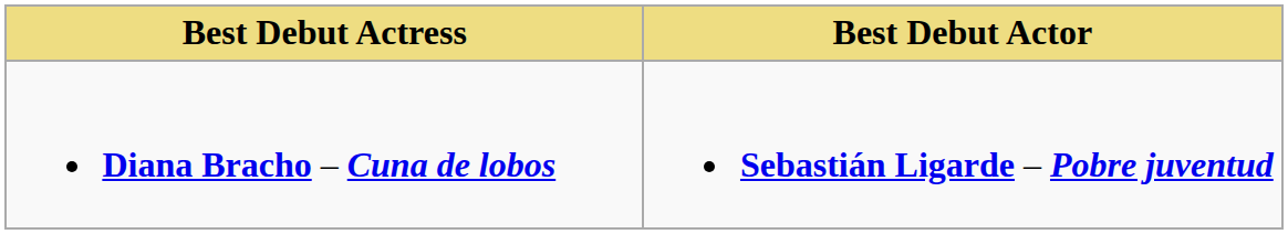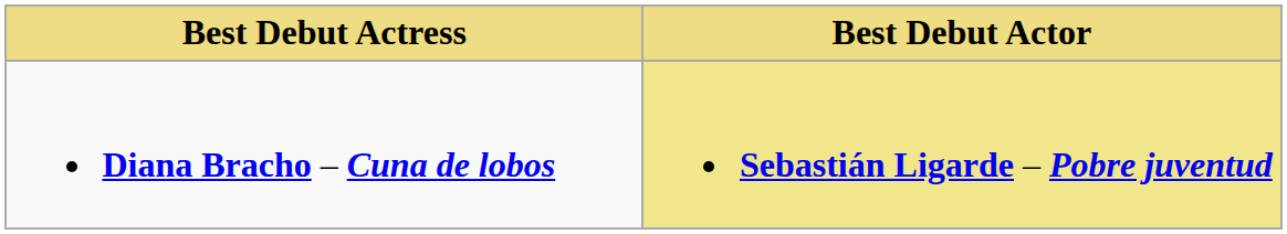 <table class="wikitable">
 <tr>
 <th style="background:#EEDD82; width:50%">Best Debut Actress</th>
 <th style="background:#EEDD82; width:50%">Best Debut Actor</th>
 </tr>
 <tr>
 <td valign="top"><br><ul><li><strong><a href='#'>Diana Bracho</a></strong> – <strong><em><a href='#'>Cuna de lobos</a></em></strong></li></ul></td>
-<td valign="top"><br><ul><li><strong><a href='#'>Sebastián Ligarde</a></strong> – <strong><em><a href='#'>Pobre juventud</a></em></strong></li></ul></td>
+<td valign="top" style="background: khaki;"><br><ul><li><strong><a href='#'>Sebastián Ligarde</a></strong> – <strong><em><a href='#'>Pobre juventud</a></em></strong></li></ul></td>
 </tr>
 </table>
